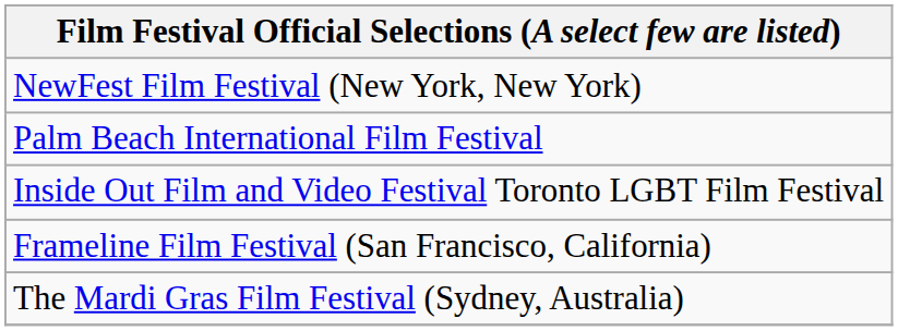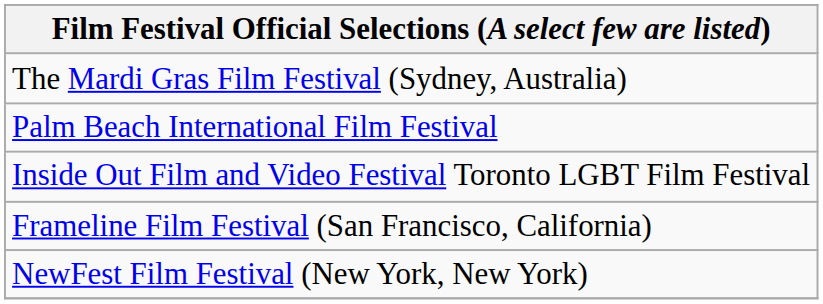 <table class="wikitable sortable plainrowheaders">
 <tr>
 <th scope="col">Film Festival Official Selections (<em>A select few are listed</em>)</th>
 </tr>
 <tr>
-<td><a href='#'>NewFest Film Festival</a> (New York, New York)</td>
+<td>The <a href='#'>Mardi Gras Film Festival</a> (Sydney, Australia)</td>
 </tr>
 <tr>
 <td><a href='#'>Palm Beach International Film Festival</a></td>
 </tr>
 <tr>
 <td><a href='#'>Inside Out Film and Video Festival</a> Toronto LGBT Film Festival</td>
 </tr>
 <tr>
 <td><a href='#'>Frameline Film Festival</a> (San Francisco, California)</td>
 </tr>
 <tr>
-<td>The <a href='#'>Mardi Gras Film Festival</a> (Sydney, Australia)</td>
+<td><a href='#'>NewFest Film Festival</a> (New York, New York)</td>
 </tr>
 <tr>
 </tr>
 </table>
